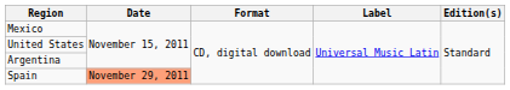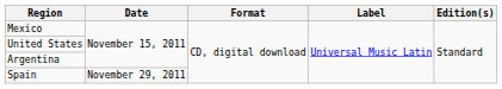 <table class="wikitable">
 <tr>
 <th>Region</th>
 <th>Date</th>
 <th>Format</th>
 <th>Label</th>
 <th>Edition(s)</th>
 </tr>
 <tr>
 <td>Mexico</td>
 <td rowspan="3">November 15, 2011</td>
 <td rowspan="4">CD, digital download</td>
 <td rowspan="4"><a href='#'>Universal Music Latin</a></td>
 <td rowspan="4">Standard</td>
 </tr>
 <tr>
 <td>United States</td>
 </tr>
 <tr>
 <td>Argentina</td>
 </tr>
 <tr>
 <td>Spain</td>
-<td rowspan="1" style="background: lightsalmon;">November 29, 2011</td>
+<td rowspan="1">November 29, 2011</td>
 </tr>
 </table>
